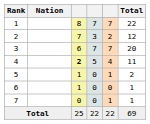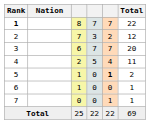 <table class="wikitable" width="35%" cellspacing="1" cellpadding="3" style="border:1px solid #AAAAAA;font-size:90%">
 <tr>
 <th width="50">Rank</th>
 <th width="200">Nation</th>
 <th width="50"></th>
 <th width="50"></th>
 <th width="50"></th>
 <th width="50">Total</th>
 </tr>
 <tr align="center" valign="top" bgcolor="#FFFFFF">
-<td rowspan="1" valign="center">1</td>
+<td rowspan="1" valign="center"><strong>1</strong></td>
 <td align="left"></td>
 <td style="background:#F7F6A8;">8</td>
 <td style="background:#DCE5E5;">7</td>
 <td style="background:#FFDAB9;">7</td>
 <td>22</td>
 </tr>
 <tr align="center" valign="top" bgcolor="#FFFFFF">
 <td rowspan="1" valign="center">2</td>
 <td align="left"></td>
 <td style="background:#F7F6A8;">7</td>
 <td style="background:#DCE5E5;">3</td>
 <td style="background:#FFDAB9;">2</td>
 <td>12</td>
 </tr>
 <tr align="center" valign="top" bgcolor="#FFFFFF">
 <td rowspan="1" valign="center">3</td>
 <td align="left"></td>
 <td style="background:#F7F6A8;">6</td>
 <td style="background:#DCE5E5;">7</td>
 <td style="background:#FFDAB9;">7</td>
 <td>20</td>
 </tr>
 <tr align="center" valign="top" bgcolor="#FFFFFF">
 <td rowspan="1" valign="center">4</td>
 <td align="left"></td>
-<td style="background:#F7F6A8;"><strong>2</strong></td>
+<td style="background:#F7F6A8;">2</td>
 <td style="background:#DCE5E5;">5</td>
 <td style="background:#FFDAB9;">4</td>
 <td>11</td>
 </tr>
 <tr align="center" valign="top" bgcolor="#FFFFFF">
 <td rowspan="1" valign="center">5</td>
 <td align="left"></td>
 <td style="background:#F7F6A8;">1</td>
 <td style="background:#DCE5E5;">0</td>
-<td style="background:#FFDAB9;">1</td>
+<td style="background:#FFDAB9;"><strong>1</strong></td>
 <td>2</td>
 </tr>
 <tr align="center" valign="top" bgcolor="#FFFFFF">
 <td rowspan="1" valign="center">6</td>
 <td align="left"></td>
 <td style="background:#F7F6A8;">1</td>
 <td style="background:#DCE5E5;">0</td>
 <td style="background:#FFDAB9;">0</td>
 <td>1</td>
 </tr>
 <tr align="center" valign="top" bgcolor="#FFFFFF">
 <td rowspan="1" valign="center">7</td>
 <td align="left"></td>
 <td style="background:#F7F6A8;">0</td>
 <td style="background:#DCE5E5;">0</td>
 <td style="background:#FFDAB9;">1</td>
 <td>1</td>
 </tr>
 <tr align="center" valign="top" bgcolor="#EFEFEF">
 <td colspan="2" rowspan="1" valign="center"><strong>Total</strong></td>
 <td>25</td>
 <td>22</td>
 <td>22</td>
 <td>69</td>
 </tr>
 </table>
